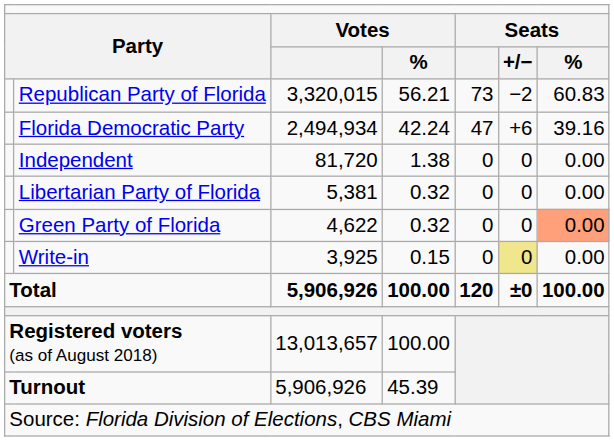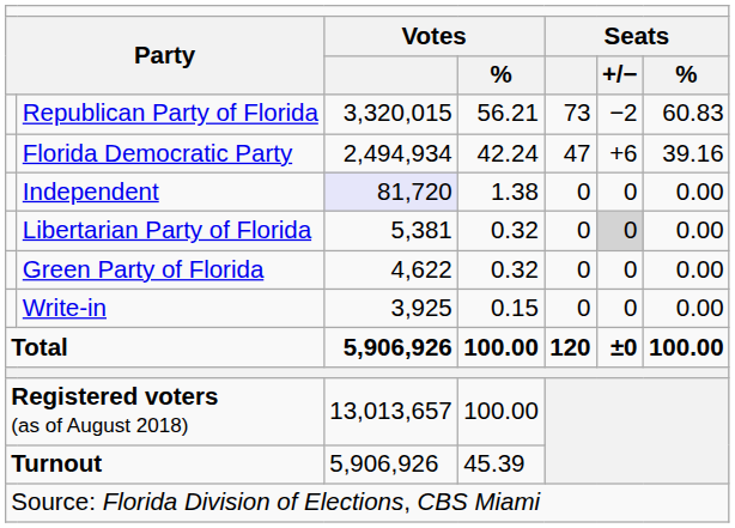 <table class="wikitable">
 <tr>
 <td colspan="7"></td>
 </tr>
 <tr>
 <th colspan="2" rowspan="2">Party</th>
 <th colspan="2">Votes</th>
 <th colspan="3">Seats</th>
 </tr>
 <tr>
 <th></th>
 <th>%</th>
 <th></th>
 <th>+/−</th>
 <th>%</th>
 </tr>
 <tr>
 <td style="background-color:"></td>
 <td><a href='#'>Republican Party of Florida</a></td>
 <td align="right">3,320,015</td>
 <td align="right">56.21</td>
 <td align="right">73</td>
 <td align="right">−2</td>
 <td align="right">60.83</td>
 </tr>
 <tr>
 <td style="background-color:"></td>
 <td><a href='#'>Florida Democratic Party</a></td>
 <td align="right">2,494,934</td>
 <td align="right">42.24</td>
 <td align="right">47</td>
 <td align="right">+6</td>
 <td align="right">39.16</td>
 </tr>
 <tr>
 <td style="background-color:"></td>
 <td><a href='#'>Independent</a></td>
-<td align="right">81,720</td>
+<td align="right" style="background: lavender;">81,720</td>
 <td align="right">1.38</td>
 <td align="right">0</td>
 <td align="right">0</td>
 <td align="right">0.00</td>
 </tr>
 <tr>
 <td style="background-color:"></td>
 <td><a href='#'>Libertarian Party of Florida</a></td>
 <td align="right">5,381</td>
 <td align="right">0.32</td>
 <td align="right">0</td>
-<td align="right">0</td>
+<td align="right" style="background: lightgrey;">0</td>
 <td align="right">0.00</td>
 </tr>
 <tr>
 <td style="background-color:"></td>
 <td><a href='#'>Green Party of Florida</a></td>
 <td align="right">4,622</td>
 <td align="right">0.32</td>
 <td align="right">0</td>
 <td align="right">0</td>
-<td align="right" style="background: lightsalmon;">0.00</td>
+<td align="right">0.00</td>
 </tr>
 <tr>
 <td style="background-color:"></td>
 <td><a href='#'>Write-in</a></td>
 <td align="right">3,925</td>
 <td align="right">0.15</td>
 <td align="right">0</td>
-<td align="right" style="background: khaki;">0</td>
+<td align="right">0</td>
 <td align="right">0.00</td>
 </tr>
 <tr>
 <td colspan="2"><strong>Total</strong></td>
 <td align="right"><strong>5,906,926</strong></td>
 <td align="right"><strong>100.00</strong></td>
 <td align="right"><strong>120</strong></td>
 <td align="right"><strong>±0</strong></td>
 <td align="right"><strong>100.00</strong></td>
 </tr>
 <tr>
 <th colspan="7"></th>
 </tr>
 <tr>
 <td colspan="2"><strong>Registered voters</strong><br><small>(as of August 2018)</small></td>
 <td>13,013,657</td>
 <td>100.00</td>
 <th colspan="3" rowspan="2"></th>
 </tr>
 <tr>
 <td colspan="2"><strong>Turnout</strong></td>
 <td>5,906,926</td>
 <td>45.39</td>
 </tr>
 <tr>
 <td colspan="7">Source: <em>Florida Division of Elections</em>, <em>CBS Miami</em></td>
 </tr>
 </table>
